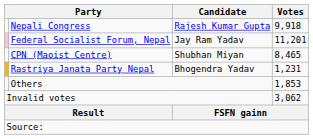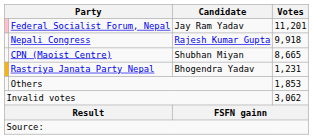 <table class="wikitable">
 <tr>
 <th colspan="2">Party</th>
 <th>Candidate</th>
 <th>Votes</th>
-</tr>
-<tr>
-<td style="background-color:"></td>
-<td><a href='#'>Nepali Congress</a></td>
-<td><a href='#'>Rajesh Kumar Gupta</a></td>
-<td>9,918</td>
 </tr>
 <tr>
 <td style="background-color:pink"></td>
 <td><a href='#'>Federal Socialist Forum, Nepal</a></td>
 <td>Jay Ram Yadav</td>
 <td>11,201</td>
 </tr>
 <tr>
 <td style="background-color:"></td>
+<td><a href='#'>Nepali Congress</a></td>
+<td><a href='#'>Rajesh Kumar Gupta</a></td>
+<td>9,918</td>
+</tr>
+<tr>
+<td style="background-color:"></td>
 <td><a href='#'>CPN (Maoist Centre)</a></td>
 <td>Shubhan Miyan</td>
-<td>8,465</td>
+<td>8,665</td>
 </tr>
 <tr>
 <td style="background-color:#ffb300"></td>
 <td><a href='#'>Rastriya Janata Party Nepal</a></td>
 <td>Bhogendra Yadav</td>
 <td>1,231</td>
 </tr>
 <tr>
 <td></td>
 <td colspan="2">Others</td>
 <td>1,853</td>
 </tr>
 <tr>
 <td colspan="3">Invalid votes</td>
 <td>3,062</td>
 </tr>
 <tr>
 <th colspan="2">Result</th>
 <th colspan="2">FSFN gainn</th>
 </tr>
 <tr>
 <td colspan="4">Source: </td>
 </tr>
 </table>
